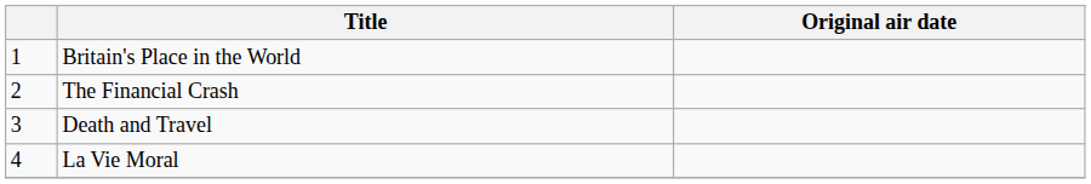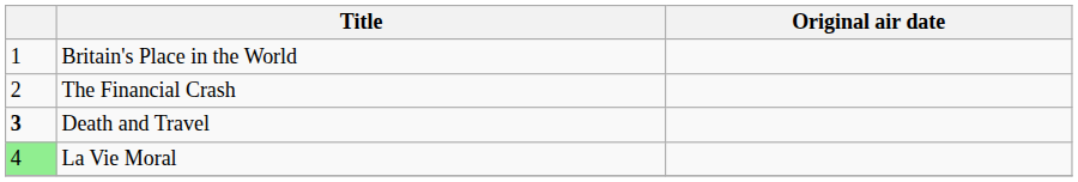 <table class="wikitable sortable" style="width:90%;">
 <tr>
 <th></th>
 <th>Title</th>
 <th>Original air date</th>
 </tr>
 <tr>
 <td>1</td>
 <td>Britain's Place in the World</td>
 <td></td>
 </tr>
 <tr>
 <td>2</td>
 <td>The Financial Crash</td>
 <td></td>
 </tr>
 <tr>
-<td>3</td>
+<td><strong>3</strong></td>
 <td>Death and Travel</td>
 <td></td>
 </tr>
 <tr>
-<td>4</td>
+<td style="background: lightgreen;">4</td>
 <td>La Vie Moral</td>
 <td></td>
 </tr>
 <tr>
 </tr>
 </table>
